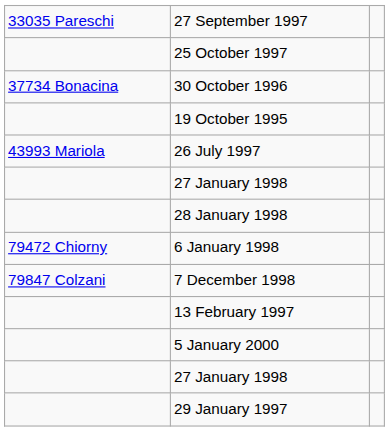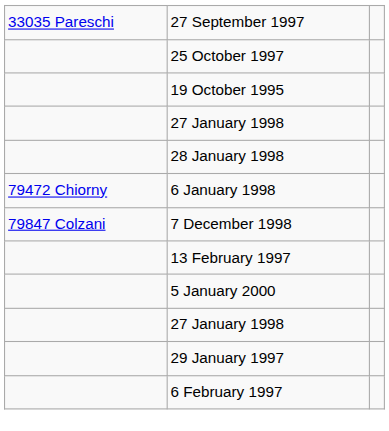 <table class="wikitable" style="font-size: 89%; float: left; width: 25em; margin-right: 1em; line-height: 1.65em !important; height: 378px;">
 <tr>
 <td><a href='#'>33035 Pareschi</a></td>
 <td>27 September 1997</td>
 <td> </td>
 </tr>
 <tr>
 <td></td>
 <td>25 October 1997</td>
 <td> </td>
 </tr>
 <tr>
-<td><a href='#'>37734 Bonacina</a></td>
-<td>30 October 1996</td>
-<td> </td>
-</tr>
-<tr>
 <td></td>
 <td>19 October 1995</td>
-<td> </td>
-</tr>
-<tr>
-<td><a href='#'>43993 Mariola</a></td>
-<td>26 July 1997</td>
 <td> </td>
 </tr>
 <tr>
 <td></td>
 <td>27 January 1998</td>
 <td> </td>
 </tr>
 <tr>
 <td></td>
 <td>28 January 1998</td>
 <td> </td>
 </tr>
 <tr>
 <td><a href='#'>79472 Chiorny</a></td>
 <td>6 January 1998</td>
 <td> </td>
 </tr>
 <tr>
 <td><a href='#'>79847 Colzani</a></td>
 <td>7 December 1998</td>
 <td> </td>
 </tr>
 <tr>
 <td></td>
 <td>13 February 1997</td>
 <td> </td>
 </tr>
 <tr>
 <td></td>
 <td>5 January 2000</td>
 <td> </td>
 </tr>
 <tr>
 <td></td>
 <td>27 January 1998</td>
 <td> </td>
 </tr>
 <tr>
 <td></td>
 <td>29 January 1997</td>
 <td> </td>
 </tr>
+<tr>
+<td></td>
+<td>6 February 1997</td>
+<td> </td>
+</tr>
 </table>
